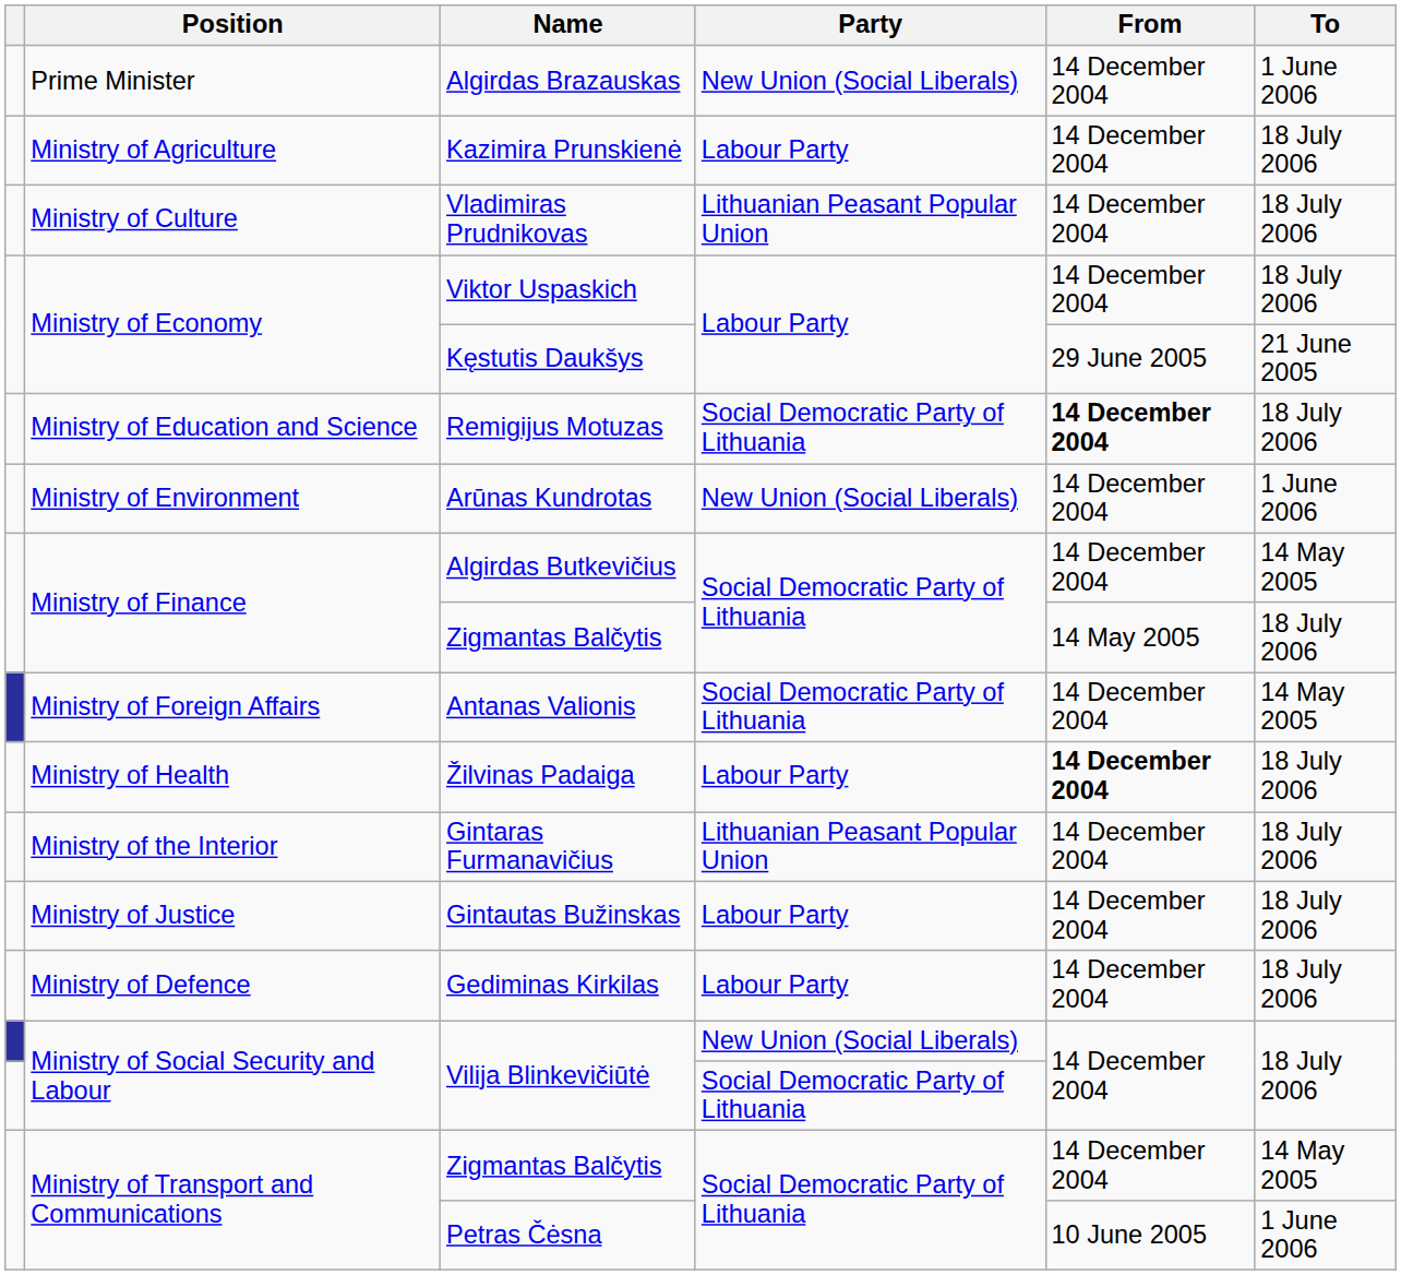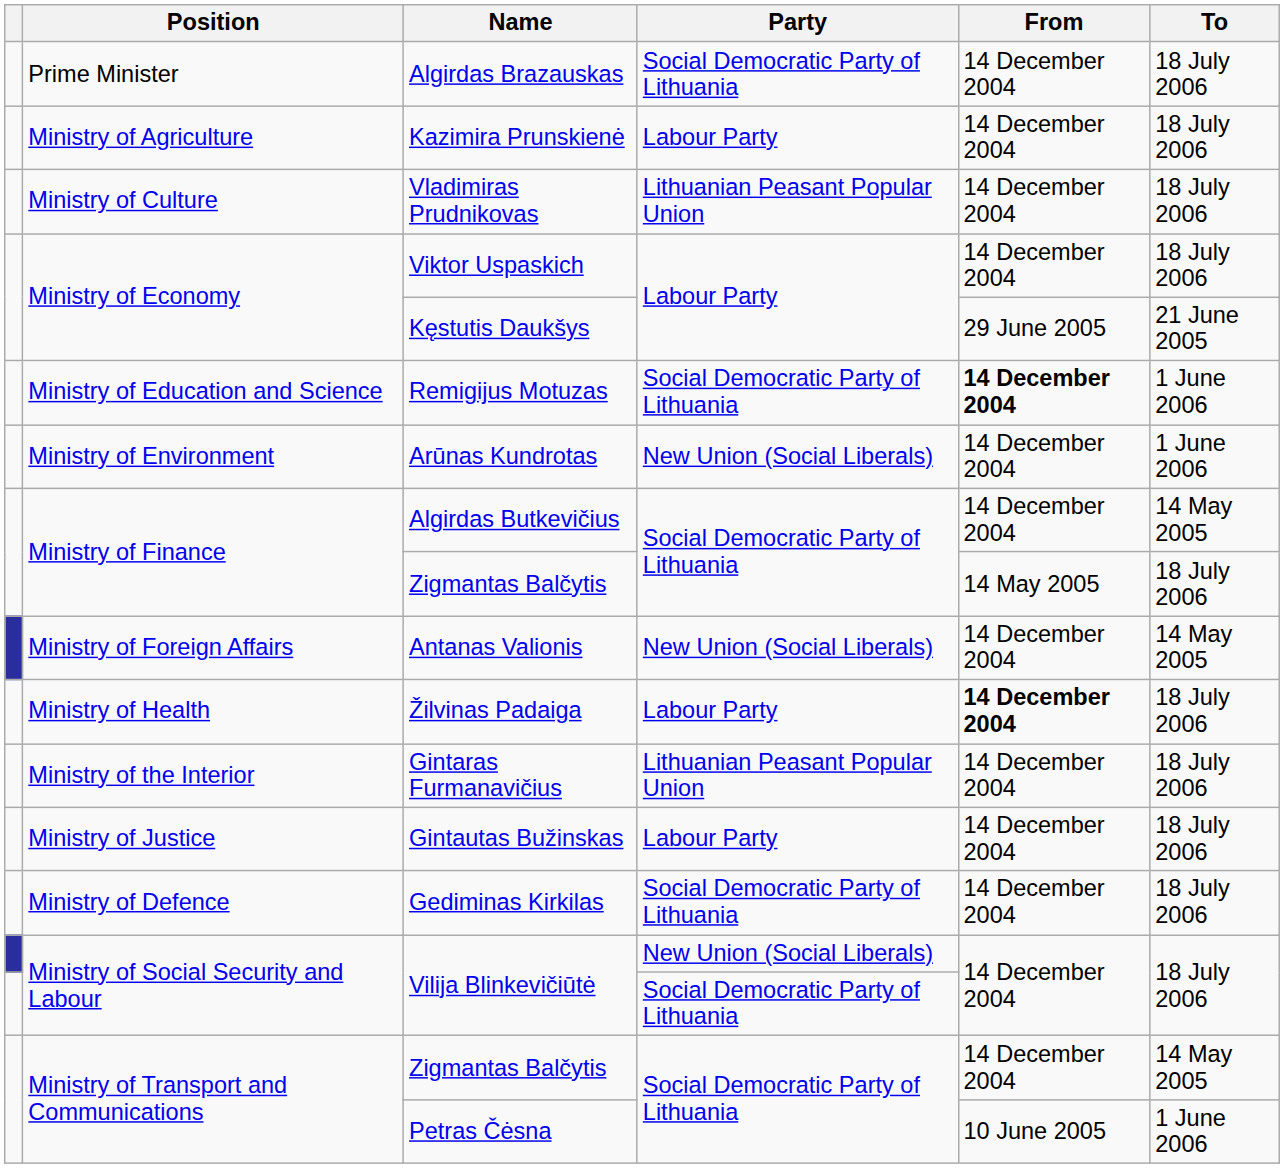 <table class="wikitable">
 <tr>
 <th></th>
 <th>Position</th>
 <th>Name</th>
 <th>Party</th>
 <th>From</th>
 <th>To</th>
 </tr>
 <tr>
 <td style="background-color: "></td>
 <td>Prime Minister</td>
 <td><a href='#'>Algirdas Brazauskas</a></td>
-<td><a href='#'>New Union (Social Liberals)</a></td>
+<td><a href='#'>Social Democratic Party of Lithuania</a></td>
 <td>14 December 2004</td>
-<td>1 June 2006</td>
+<td>18 July 2006</td>
 </tr>
 <tr>
 <td width=5px style="background-color: "></td>
 <td><a href='#'>Ministry of Agriculture</a></td>
 <td><a href='#'>Kazimira Prunskienė</a></td>
 <td><a href='#'>Labour Party</a></td>
 <td>14 December 2004</td>
 <td>18 July 2006</td>
 </tr>
 <tr>
 <td style="background-color: "></td>
 <td><a href='#'>Ministry of Culture</a></td>
 <td><a href='#'>Vladimiras Prudnikovas</a></td>
 <td><a href='#'>Lithuanian Peasant Popular Union</a></td>
 <td>14 December 2004</td>
 <td>18 July 2006</td>
 </tr>
 <tr>
 <td rowspan=2 style="background-color: "></td>
 <td rowspan=2><a href='#'>Ministry of Economy</a></td>
 <td><a href='#'>Viktor Uspaskich</a></td>
 <td rowspan=2><a href='#'>Labour Party</a></td>
 <td>14 December 2004</td>
 <td>18 July 2006</td>
 </tr>
 <tr>
 <td><a href='#'>Kęstutis Daukšys</a></td>
 <td>29 June 2005</td>
 <td>21 June 2005</td>
 </tr>
 <tr>
 <td style="background-color: "></td>
 <td><a href='#'>Ministry of Education and Science</a></td>
 <td><a href='#'>Remigijus Motuzas</a></td>
 <td><a href='#'>Social Democratic Party of Lithuania</a></td>
 <td><strong>14 December 2004</strong></td>
-<td>18 July 2006</td>
+<td>1 June 2006</td>
 </tr>
 <tr>
 <td style="background-color: "></td>
 <td><a href='#'>Ministry of Environment</a></td>
 <td><a href='#'>Arūnas Kundrotas</a></td>
 <td><a href='#'>New Union (Social Liberals)</a></td>
 <td>14 December 2004</td>
 <td>1 June 2006</td>
 </tr>
 <tr>
 <td rowspan=2 style="background-color: "></td>
 <td rowspan=2><a href='#'>Ministry of Finance</a></td>
 <td><a href='#'>Algirdas Butkevičius</a></td>
 <td rowspan=2><a href='#'>Social Democratic Party of Lithuania</a></td>
 <td>14 December 2004</td>
 <td>14 May 2005</td>
 </tr>
 <tr>
 <td><a href='#'>Zigmantas Balčytis</a></td>
 <td>14 May 2005</td>
 <td>18 July 2006</td>
 </tr>
 <tr>
 <td style="background-color: #2A2D9C"></td>
 <td><a href='#'>Ministry of Foreign Affairs</a></td>
 <td><a href='#'>Antanas Valionis</a></td>
-<td><a href='#'>Social Democratic Party of Lithuania</a></td>
+<td><a href='#'>New Union (Social Liberals)</a></td>
 <td>14 December 2004</td>
 <td>14 May 2005</td>
 </tr>
 <tr>
 <td style="background-color: "></td>
 <td><a href='#'>Ministry of Health</a></td>
 <td><a href='#'>Žilvinas Padaiga</a></td>
 <td><a href='#'>Labour Party</a></td>
 <td><strong>14 December 2004</strong></td>
 <td>18 July 2006</td>
 </tr>
 <tr>
 <td style="background-color: "></td>
 <td><a href='#'>Ministry of the Interior</a></td>
 <td><a href='#'>Gintaras Furmanavičius</a></td>
 <td><a href='#'>Lithuanian Peasant Popular Union</a></td>
 <td>14 December 2004</td>
 <td>18 July 2006</td>
 </tr>
 <tr>
 <td style="background-color: "></td>
 <td><a href='#'>Ministry of Justice</a></td>
 <td><a href='#'>Gintautas Bužinskas</a></td>
 <td><a href='#'>Labour Party</a></td>
 <td>14 December 2004</td>
 <td>18 July 2006</td>
 </tr>
 <tr>
 <td style="background-color: "></td>
 <td><a href='#'>Ministry of Defence</a></td>
 <td><a href='#'>Gediminas Kirkilas</a></td>
-<td><a href='#'>Labour Party</a></td>
+<td><a href='#'>Social Democratic Party of Lithuania</a></td>
 <td>14 December 2004</td>
 <td>18 July 2006</td>
 </tr>
 <tr>
 <td style="background-color: #2A2D9C"></td>
 <td rowspan=2><a href='#'>Ministry of Social Security and Labour</a></td>
 <td rowspan=2><a href='#'>Vilija Blinkevičiūtė</a></td>
 <td><a href='#'>New Union (Social Liberals)</a></td>
 <td rowspan=2>14 December 2004</td>
 <td rowspan=2>18 July 2006</td>
 </tr>
 <tr>
 <td style="background-color: "></td>
 <td><a href='#'>Social Democratic Party of Lithuania</a></td>
 </tr>
 <tr>
 <td rowspan=2 style="background-color: "></td>
 <td rowspan=2><a href='#'>Ministry of Transport and Communications</a></td>
 <td><a href='#'>Zigmantas Balčytis</a></td>
 <td rowspan=2><a href='#'>Social Democratic Party of Lithuania</a></td>
 <td>14 December 2004</td>
 <td>14 May 2005</td>
 </tr>
 <tr>
 <td><a href='#'>Petras Čėsna</a></td>
 <td>10 June 2005</td>
 <td>1 June 2006</td>
 </tr>
 </table>
